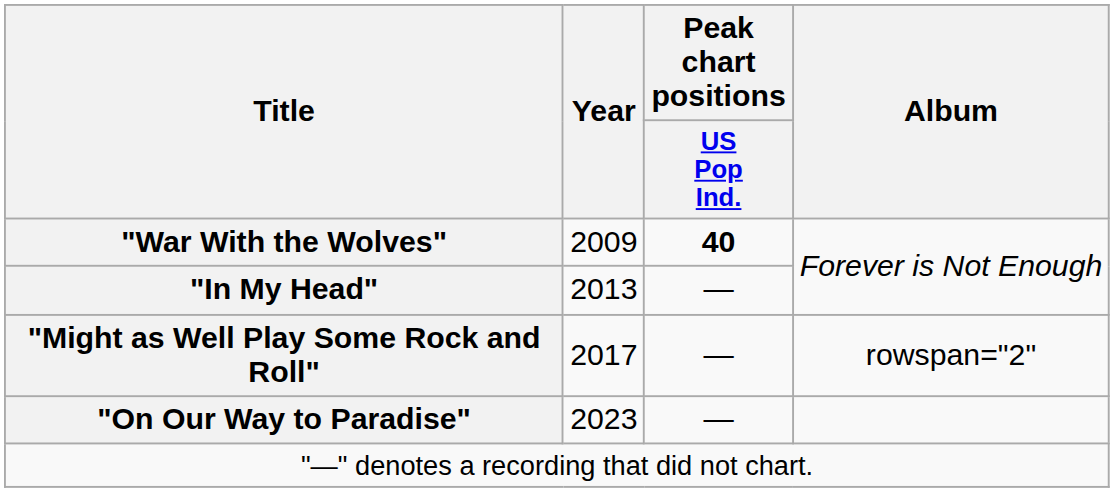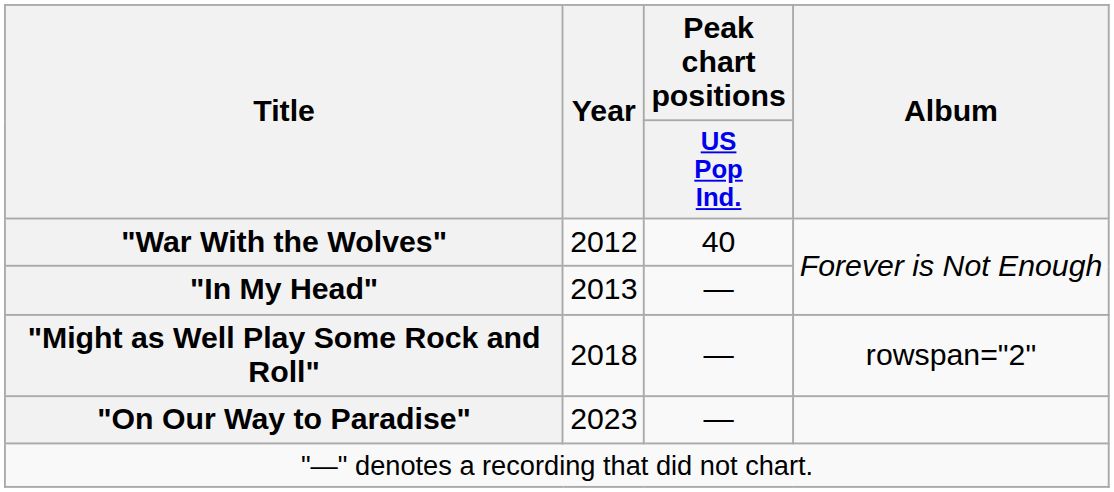 <table class="wikitable plainrowheaders" style="text-align:center;">
 <tr>
 <th scope="col" rowspan="2" style="width:18em;">Title</th>
 <th scope="col" rowspan="2">Year</th>
 <th scope="col">Peak chart positions</th>
 <th scope="col" rowspan="2">Album</th>
 </tr>
 <tr>
 <th scope="col" style="width:3em;font-size:85%;"><a href='#'>US<br>Pop<br>Ind.</a><br></th>
 </tr>
 <tr>
 <th scope="row">"War With the Wolves"</th>
-<td>2009</td>
-<td><strong>40</strong></td>
+<td>2012</td>
+<td>40</td>
 <td rowspan="2"><em>Forever is Not Enough</em></td>
 </tr>
 <tr>
 <th scope="row">"In My Head"</th>
 <td>2013</td>
 <td>—</td>
 </tr>
 <tr>
 <th scope="row">"Might as Well Play Some Rock and Roll"</th>
-<td>2017</td>
+<td>2018</td>
 <td>—</td>
 <td>rowspan="2" </td>
 </tr>
 <tr>
 <th scope="row">"On Our Way to Paradise"</th>
 <td>2023</td>
 <td>—</td>
 </tr>
 <tr>
 <td colspan="8" style="font-size:90%">"—" denotes a recording that did not chart.</td>
 </tr>
 </table>
